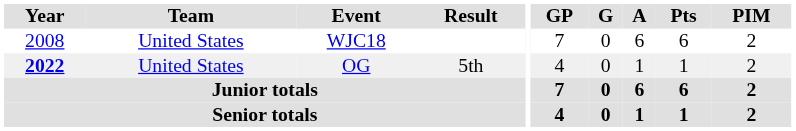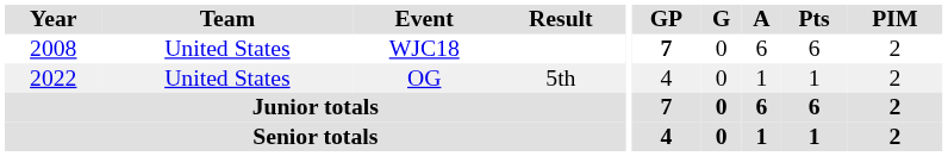 <table border="0" cellpadding="1" cellspacing="0" ID="Table3" style="text-align:center; width:40em">
 <tr ALIGN="center" bgcolor="#e0e0e0">
 <th>Year</th>
 <th>Team</th>
 <th>Event</th>
 <th>Result</th>
 <th rowspan="99" bgcolor="#ffffff"></th>
 <th>GP</th>
 <th>G</th>
 <th>A</th>
 <th>Pts</th>
 <th>PIM</th>
 </tr>
 <tr>
 <td><a href='#'>2008</a></td>
 <td><a href='#'>United States</a></td>
 <td><a href='#'>WJC18</a></td>
 <td></td>
-<td>7</td>
+<td><strong>7</strong></td>
 <td>0</td>
 <td>6</td>
 <td>6</td>
 <td>2</td>
 </tr>
 <tr bgcolor=f0f0f0>
-<td><strong><a href='#'>2022</a></strong></td>
+<td><a href='#'>2022</a></td>
 <td><a href='#'>United States</a></td>
 <td><a href='#'>OG</a></td>
 <td>5th</td>
 <td>4</td>
 <td>0</td>
 <td>1</td>
 <td>1</td>
 <td>2</td>
 </tr>
 <tr bgcolor="#e0e0e0">
 <th colspan=4>Junior totals</th>
 <th>7</th>
 <th>0</th>
 <th>6</th>
 <th>6</th>
 <th>2</th>
 </tr>
 <tr bgcolor="#e0e0e0">
 <th colspan=4>Senior totals</th>
 <th>4</th>
 <th>0</th>
 <th>1</th>
 <th>1</th>
 <th>2</th>
 </tr>
 </table>
